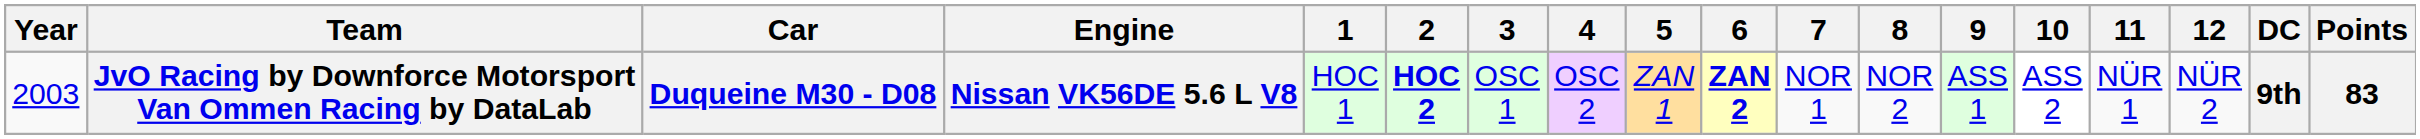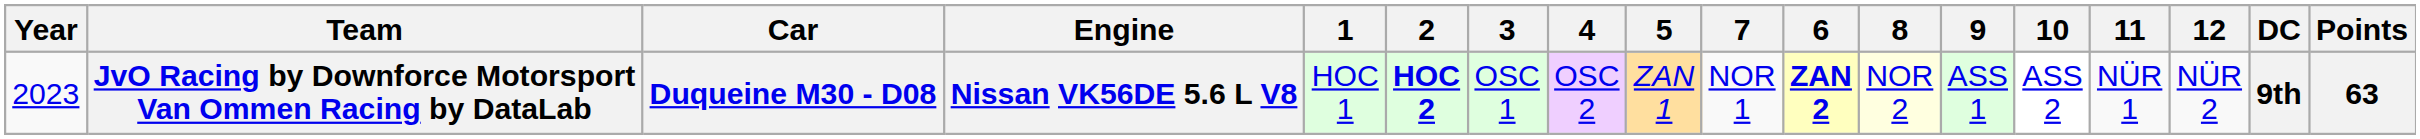 <table class="wikitable" style="text-align:center; font-size:85%">
 <tr>
 <th>Year</th>
 <th>Team</th>
 <th>Car</th>
 <th>Engine</th>
 <th>1</th>
 <th>2</th>
 <th>3</th>
 <th>4</th>
 <th>5</th>
+<th>7</th>
 <th>6</th>
-<th>7</th>
 <th>8</th>
 <th>9</th>
 <th>10</th>
 <th>11</th>
 <th>12</th>
 <th>DC</th>
 <th>Points</th>
 </tr>
 <tr>
-<td><a href='#'>2003</a></td>
+<td><a href='#'>2023</a></td>
 <th nowrap><a href='#'>JvO Racing</a> by Downforce Motorsport<br><a href='#'>Van Ommen Racing</a> by DataLab</th>
 <th nowrap><a href='#'>Duqueine M30 - D08</a></th>
 <th nowrap><a href='#'>Nissan</a> <a href='#'>VK56DE</a> 5.6 L <a href='#'>V8</a></th>
 <td style="background:#DFFFDF;"><a href='#'>HOC<br>1</a><br></td>
 <td style="background:#DFFFDF;"><strong><a href='#'>HOC<br>2</a><br></strong></td>
 <td style="background:#DFFFDF;"><a href='#'>OSC<br>1</a><br></td>
 <td style="background:#EFCFFF;"><a href='#'>OSC<br>2</a><br></td>
 <td style="background:#FFDF9F;"><em><a href='#'>ZAN<br>1</a></em><br></td>
+<td><a href='#'>NOR<br>1</a></td>
 <td style="background:#FFFFBF;"><strong><a href='#'>ZAN<br>2</a></strong><br></td>
-<td><a href='#'>NOR<br>1</a></td>
-<td><a href='#'>NOR<br>2</a></td>
+<td style="background: lightyellow;"><a href='#'>NOR<br>2</a></td>
 <td style="background:#DFFFDF;"><a href='#'>ASS<br>1</a><br></td>
 <td style="background:#FFFFFF;"><a href='#'>ASS<br>2</a><br></td>
 <td><a href='#'>NÜR<br>1</a></td>
 <td><a href='#'>NÜR<br>2</a></td>
 <th>9th</th>
-<th>83</th>
+<th>63</th>
 </tr>
 </table>
